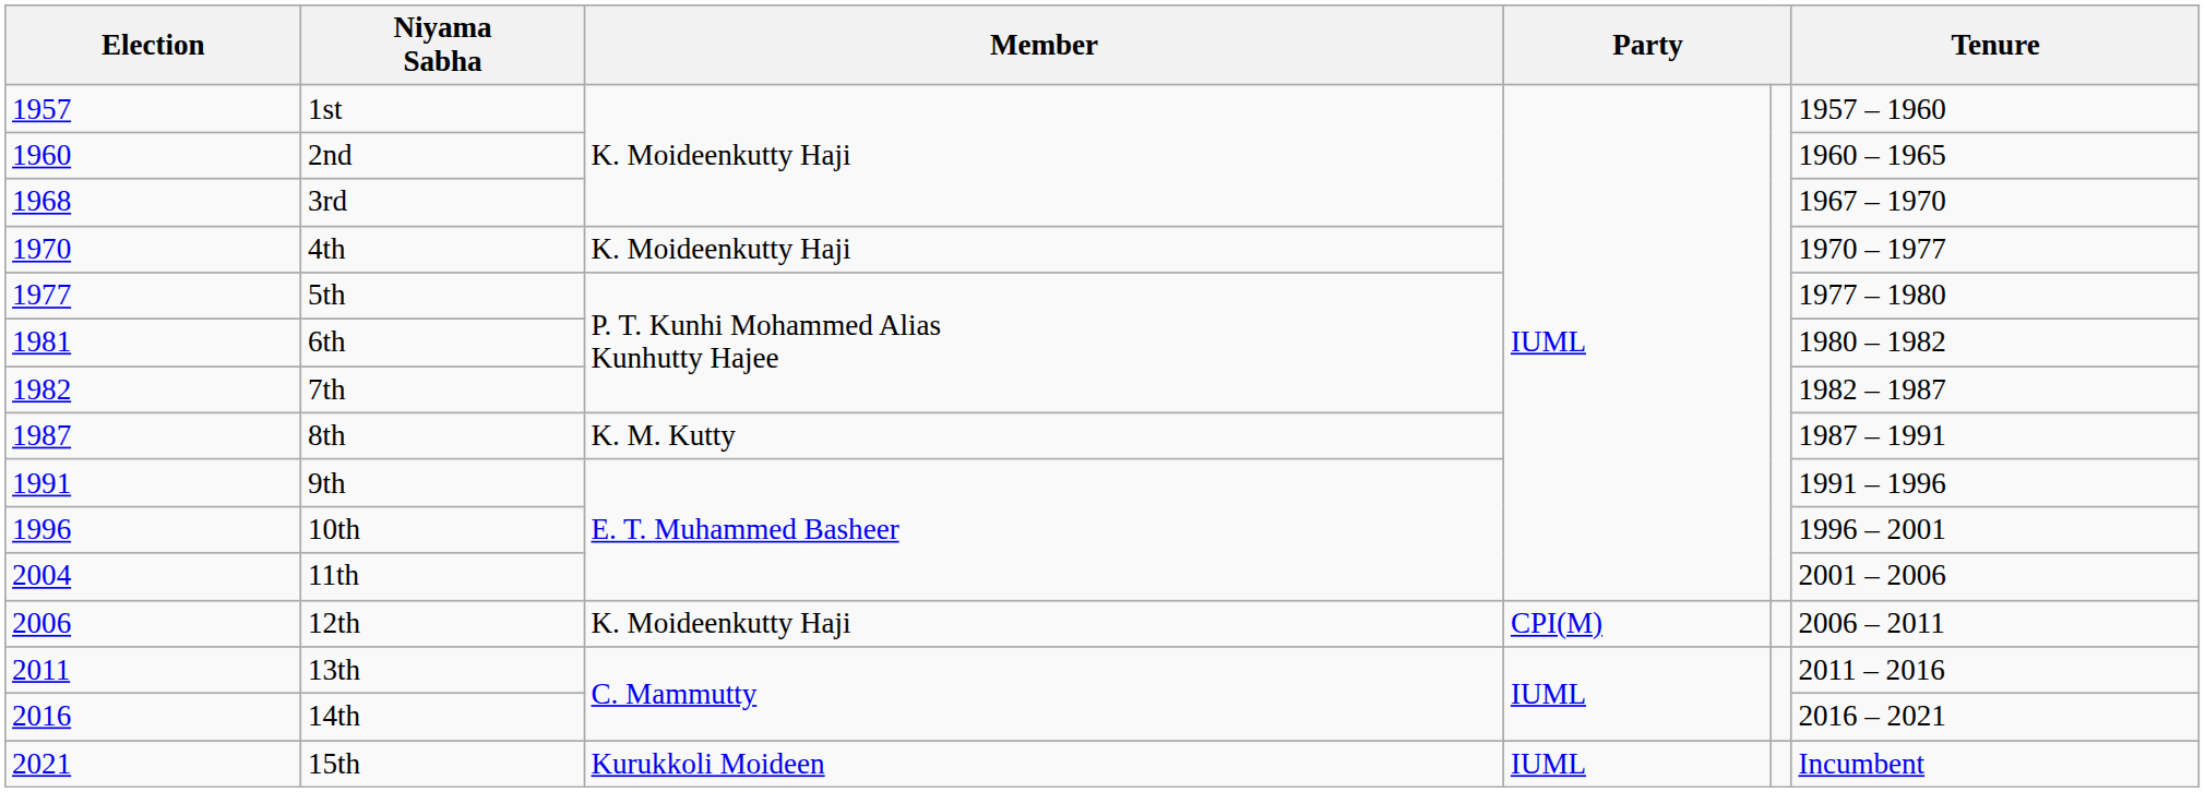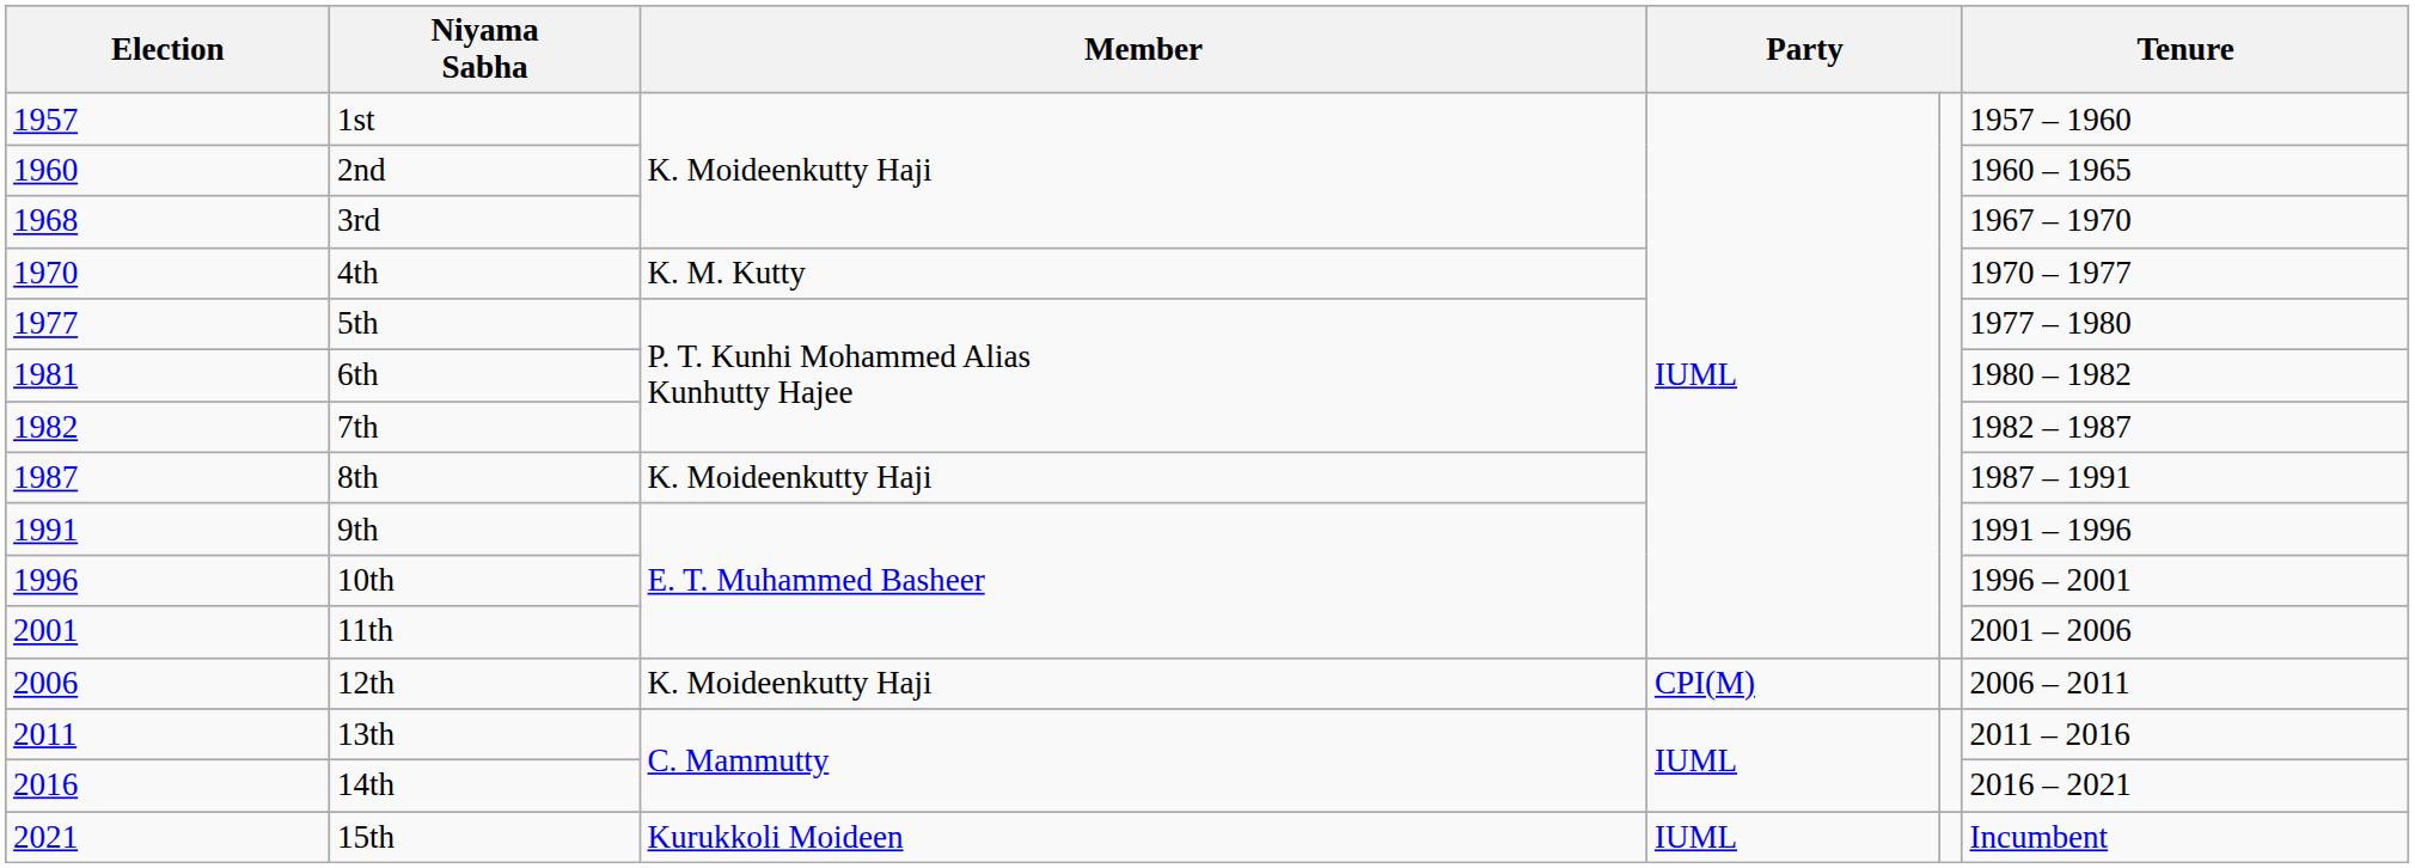 <table class="wikitable sortable" width="60%" style="font-size: x-big">
 <tr>
 <th>Election</th>
 <th>Niyama<br>Sabha</th>
 <th>Member</th>
 <th colspan="2">Party</th>
 <th>Tenure</th>
 </tr>
 <tr>
 <td><a href='#'>1957</a></td>
 <td>1st</td>
 <td rowspan="3">K. Moideenkutty Haji</td>
 <td rowspan="11"><a href='#'>IUML</a></td>
 <td rowspan="11" width="4px" style="background-color: "></td>
 <td>1957 – 1960</td>
 </tr>
 <tr>
 <td><a href='#'>1960</a></td>
 <td>2nd</td>
 <td>1960 – 1965</td>
 </tr>
 <tr>
 <td><a href='#'>1968</a></td>
 <td>3rd</td>
 <td>1967 – 1970</td>
 </tr>
 <tr>
 <td><a href='#'>1970</a></td>
 <td>4th</td>
-<td>K. Moideenkutty Haji</td>
+<td>K. M. Kutty</td>
 <td>1970 – 1977</td>
 </tr>
 <tr>
 <td><a href='#'>1977</a></td>
 <td>5th</td>
 <td rowspan="3">P. T. Kunhi Mohammed Alias<br>Kunhutty Hajee</td>
 <td>1977 – 1980</td>
 </tr>
 <tr>
 <td><a href='#'>1981</a></td>
 <td>6th</td>
 <td>1980 – 1982</td>
 </tr>
 <tr>
 <td><a href='#'>1982</a></td>
 <td>7th</td>
 <td>1982 – 1987</td>
 </tr>
 <tr>
 <td><a href='#'>1987</a></td>
 <td>8th</td>
-<td>K. M. Kutty</td>
+<td>K. Moideenkutty Haji</td>
 <td>1987 – 1991</td>
 </tr>
 <tr>
 <td><a href='#'>1991</a></td>
 <td>9th</td>
 <td rowspan="3"><a href='#'>E. T. Muhammed Basheer</a></td>
 <td>1991 – 1996</td>
 </tr>
 <tr>
 <td><a href='#'>1996</a></td>
 <td>10th</td>
 <td>1996 – 2001</td>
 </tr>
 <tr>
-<td><a href='#'>2004</a></td>
+<td><a href='#'>2001</a></td>
 <td>11th</td>
 <td>2001 – 2006</td>
 </tr>
 <tr>
 <td><a href='#'>2006</a></td>
 <td>12th</td>
 <td>K. Moideenkutty Haji</td>
 <td><a href='#'>CPI(M)</a></td>
 <td width="4px" style="background-color: "></td>
 <td>2006 – 2011</td>
 </tr>
 <tr>
 <td><a href='#'>2011</a></td>
 <td>13th</td>
 <td rowspan="2"><a href='#'>C. Mammutty</a></td>
 <td rowspan="2"><a href='#'>IUML</a></td>
 <td rowspan="2" width="4px" style="background-color: "></td>
 <td>2011 – 2016</td>
 </tr>
 <tr>
 <td><a href='#'>2016</a></td>
 <td>14th</td>
 <td>2016 – 2021</td>
 </tr>
 <tr>
 <td><a href='#'>2021</a></td>
 <td>15th</td>
 <td rowspan="2"><a href='#'>Kurukkoli Moideen</a></td>
 <td rowspan="2"><a href='#'>IUML</a></td>
 <td rowspan="2" width="4px" style="background-color: "></td>
 <td><a href='#'>Incumbent</a></td>
 </tr>
 </table>
